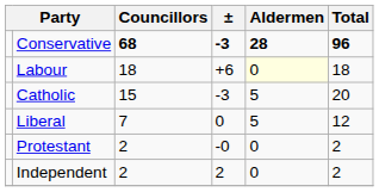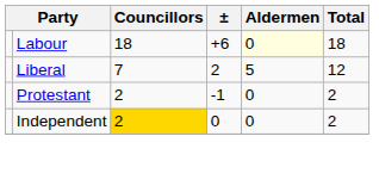 <table class="wikitable">
 <tr>
 <th colspan="2">Party</th>
 <th>Councillors</th>
 <th>  ±  </th>
 <th>Aldermen</th>
 <th>Total</th>
-</tr>
-<tr>
-<td style="background-color: "></td>
-<td><a href='#'>Conservative</a></td>
-<td><strong>68</strong></td>
-<td><strong>-3</strong></td>
-<td><strong>28</strong></td>
-<td><strong>96</strong></td>
 </tr>
 <tr>
 <td style="background-color: "></td>
 <td><a href='#'>Labour</a></td>
 <td>18</td>
 <td>+6</td>
 <td style="background: lightyellow;">0</td>
 <td>18</td>
 </tr>
 <tr>
 <td style="background-color: "></td>
-<td><a href='#'>Catholic</a></td>
-<td>15</td>
-<td>-3</td>
-<td>5</td>
-<td>20</td>
-</tr>
-<tr>
-<td style="background-color: "></td>
 <td><a href='#'>Liberal</a></td>
 <td>7</td>
-<td>0</td>
+<td>2</td>
 <td>5</td>
 <td>12</td>
 </tr>
 <tr>
 <td style="background-color: "></td>
 <td><a href='#'>Protestant</a></td>
 <td>2</td>
-<td>-0</td>
+<td>-1</td>
 <td>0</td>
 <td>2</td>
 </tr>
 <tr>
 <td style="background-color: "></td>
 <td>Independent</td>
-<td>2</td>
-<td>2</td>
+<td style="background: gold;">2</td>
+<td>0</td>
 <td>0</td>
 <td>2</td>
 </tr>
 <tr>
 </tr>
 </table>
